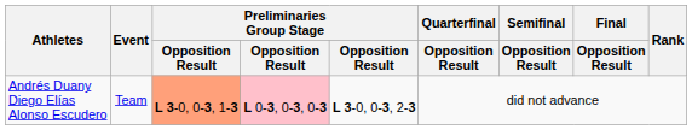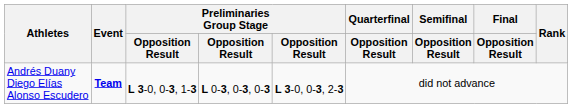 <table class="wikitable" border="1" style="font-size:90%">
 <tr>
 <th rowspan=2>Athletes</th>
 <th rowspan=2>Event</th>
 <th colspan=3>Preliminaries<br>Group Stage</th>
 <th>Quarterfinal</th>
 <th>Semifinal</th>
 <th>Final</th>
 <th rowspan=2>Rank</th>
 </tr>
 <tr>
 <th>Opposition<br>Result</th>
 <th>Opposition<br>Result</th>
 <th>Opposition<br>Result</th>
 <th>Opposition<br>Result</th>
 <th>Opposition<br>Result</th>
 <th>Opposition<br>Result</th>
 </tr>
 <tr>
 <td><a href='#'>Andrés Duany</a><br><a href='#'>Diego Elías</a><br><a href='#'>Alonso Escudero</a></td>
-<td align=center><a href='#'>Team</a></td>
-<td style="background: lightsalmon;"><br><strong>L</strong> <strong>3</strong>-0, 0-<strong>3</strong>, 1-<strong>3</strong></td>
-<td style="background: pink;"><br><strong>L</strong> 0-<strong>3</strong>, 0-<strong>3</strong>, 0-<strong>3</strong></td>
+<td align=center><strong><a href='#'>Team</a></strong></td>
+<td><br><strong>L</strong> <strong>3</strong>-0, 0-<strong>3</strong>, 1-<strong>3</strong></td>
+<td><br><strong>L</strong> 0-<strong>3</strong>, 0-<strong>3</strong>, 0-<strong>3</strong></td>
 <td><br><strong>L</strong> <strong>3</strong>-0, 0-<strong>3</strong>, 2-<strong>3</strong></td>
 <td align="center" colspan="7">did not advance</td>
 </tr>
 </table>
